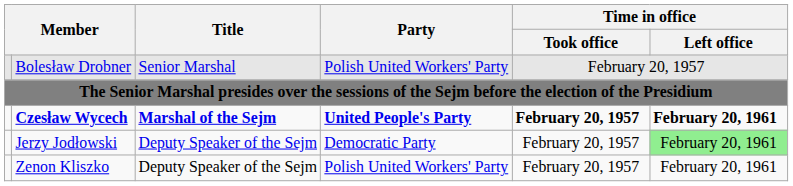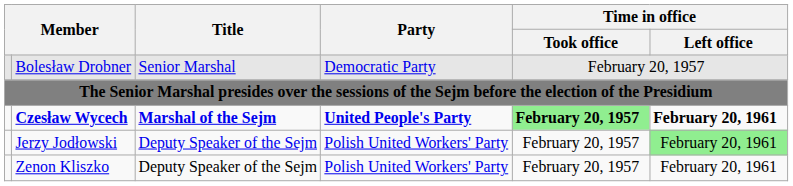 <table class="wikitable">
 <tr>
 <th rowspan=2 colspan=2>Member</th>
 <th rowspan=2>Title</th>
 <th rowspan=2>Party</th>
 <th colspan=3>Time in office</th>
 </tr>
 <tr>
 <th>Took office</th>
 <th>Left office</th>
 </tr>
 <tr style="background: #E6E6E6;">
 <td style="background: "></td>
 <td><a href='#'>Bolesław Drobner</a></td>
 <td><a href='#'>Senior Marshal</a></td>
-<td><a href='#'>Polish United Workers' Party</a></td>
+<td><a href='#'>Democratic Party</a></td>
 <td colspan=2 align="center" style="padding-right:10px">February 20, 1957</td>
 </tr>
 <tr style="background: gray;">
 <td colspan=6 align="center"><strong>The Senior Marshal presides over the sessions of the Sejm before the election of the Presidium</strong></td>
 </tr>
 <tr>
 <td style="background: "></td>
 <td><strong><a href='#'>Czesław Wycech</a></strong></td>
 <td><strong><a href='#'>Marshal of the Sejm</a></strong></td>
 <td><strong><a href='#'>United People's Party</a></strong></td>
-<td align="right" style="padding-right:10px"><strong>February 20, 1957</strong></td>
+<td align="right" style="background: lightgreen; padding-right:10px"><strong>February 20, 1957</strong></td>
 <td align="right" style="padding-right:10px"><strong>February 20, 1961</strong></td>
 </tr>
 <tr>
 <td style="background: "></td>
 <td><a href='#'>Jerzy Jodłowski</a></td>
 <td><a href='#'>Deputy Speaker of the Sejm</a></td>
-<td><a href='#'>Democratic Party</a></td>
+<td><a href='#'>Polish United Workers' Party</a></td>
 <td align="right" style="padding-right:10px">February 20, 1957</td>
 <td align="right" style="background: lightgreen; padding-right:10px">February 20, 1961</td>
 </tr>
 <tr>
 <td style="background: "></td>
 <td><a href='#'>Zenon Kliszko</a></td>
 <td>Deputy Speaker of the Sejm</td>
 <td><a href='#'>Polish United Workers' Party</a></td>
 <td align="right" style="padding-right:10px">February 20, 1957</td>
 <td align="right" style="padding-right:10px">February 20, 1961</td>
 </tr>
 </table>
